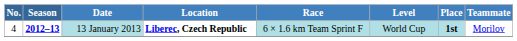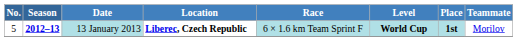 <table class="wikitable sortable" style="font-size:95%; text-align:center; border:grey solid 1px; border-collapse:collapse; background:#ffffff;">
 <tr style="background:#efefef;">
 <th style="background-color:#369; color:white;">No.</th>
 <th style="background-color:#369; color:white;">Season</th>
 <th style="background-color:#4180be; color:white; width:120px;">Date</th>
 <th style="background-color:#4180be; color:white; width:170px;">Location</th>
 <th style="background-color:#4180be; color:white; width:170px;">Race</th>
 <th style="background-color:#4180be; color:white; width:100px;">Level</th>
 <th style="background-color:#4180be; color:white;">Place</th>
 <th style="background-color:#4180be; color:white;">Teammate</th>
 </tr>
 <tr>
-<td align=center>4</td>
+<td align=center>5</td>
 <td rowspan=1 align=center><strong><a href='#'>2012–13</a></strong></td>
 <td bgcolor="#BOEOE6" align=right>13 January 2013</td>
 <td align=left><strong> <a href='#'>Liberec</a>, Czech Republic</strong></td>
 <td bgcolor="#BOEOE6">6 × 1.6 km Team Sprint F</td>
-<td bgcolor="#BOEOE6">World Cup</td>
+<td bgcolor="#BOEOE6"><strong>World Cup</strong></td>
 <td bgcolor="#BOEOE6"><strong>1st</strong></td>
 <td><a href='#'>Morilov</a></td>
 </tr>
 <tr>
 </tr>
 </table>
